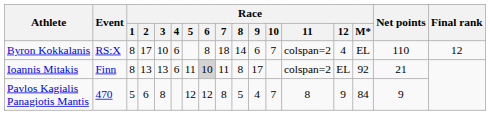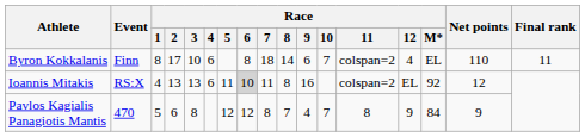 <table class="wikitable" style="font-size:90%">
 <tr>
 <th rowspan=2>Athlete</th>
 <th rowspan=2>Event</th>
 <th colspan=13>Race</th>
 <th rowspan=2>Net points</th>
 <th rowspan=2>Final rank</th>
 </tr>
 <tr style="font-size:95%">
 <th>1</th>
 <th>2</th>
 <th>3</th>
 <th>4</th>
 <th>5</th>
 <th>6</th>
 <th>7</th>
 <th>8</th>
 <th>9</th>
 <th>10</th>
 <th>11</th>
 <th>12</th>
 <th>M*</th>
 </tr>
 <tr align=center>
 <td align=left><a href='#'>Byron Kokkalanis</a></td>
-<td align=left><a href='#'>RS:X</a></td>
+<td align=left><a href='#'>Finn</a></td>
 <td>8</td>
 <td>17</td>
 <td>10</td>
 <td>6</td>
 <td></td>
 <td>8</td>
 <td>18</td>
 <td>14</td>
 <td>6</td>
 <td>7</td>
 <td>colspan=2 </td>
 <td>4</td>
 <td>EL</td>
 <td>110</td>
-<td>12</td>
+<td>11</td>
 </tr>
 <tr align=center>
 <td align=left><a href='#'>Ioannis Mitakis</a></td>
-<td align=left><a href='#'>Finn</a></td>
-<td>8</td>
+<td align=left><a href='#'>RS:X</a></td>
+<td>4</td>
 <td>13</td>
 <td>13</td>
 <td>6</td>
 <td>11</td>
 <td style="background: lightgrey;">10</td>
 <td>11</td>
 <td>8</td>
-<td>17</td>
+<td>16</td>
 <td></td>
 <td>colspan=2 </td>
 <td>EL</td>
 <td>92</td>
-<td>21</td>
+<td>12</td>
 </tr>
 <tr align=center>
 <td align=left><a href='#'>Pavlos Kagialis</a><br><a href='#'>Panagiotis Mantis</a></td>
 <td align=left><a href='#'>470</a></td>
 <td>5</td>
 <td>6</td>
 <td>8</td>
 <td></td>
 <td>12</td>
 <td>12</td>
 <td>8</td>
-<td>5</td>
+<td>7</td>
 <td>4</td>
 <td>7</td>
 <td>8</td>
 <td>9</td>
 <td>84</td>
 <td>9</td>
 </tr>
 </table>
